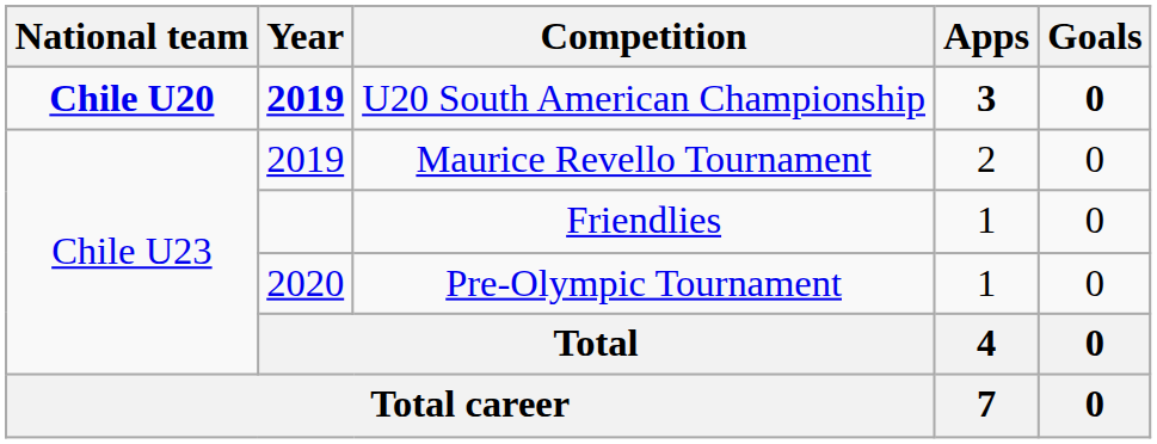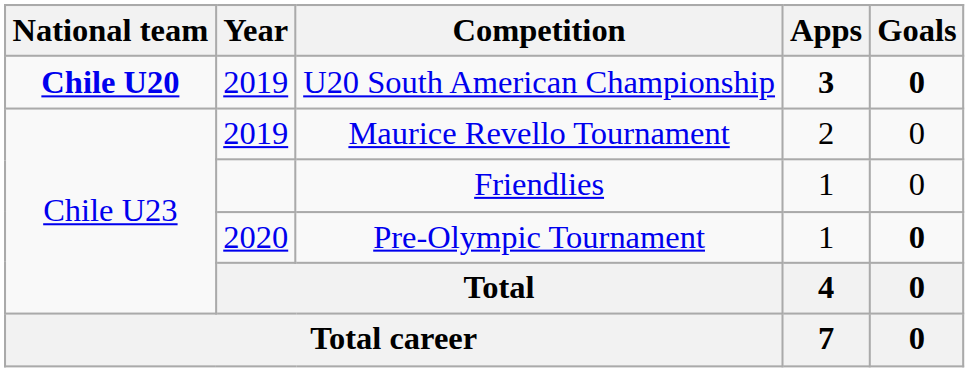 <table class=wikitable style=text-align:center>
 <tr>
 <th>National team</th>
 <th>Year</th>
 <th>Competition</th>
 <th>Apps</th>
 <th>Goals</th>
 </tr>
 <tr>
 <td><strong><a href='#'>Chile U20</a></strong></td>
-<td><strong><a href='#'>2019</a></strong></td>
+<td><a href='#'>2019</a></td>
 <td><a href='#'>U20 South American Championship</a></td>
 <td><strong>3</strong></td>
 <td><strong>0</strong></td>
 </tr>
 <tr>
 <td rowspan="4"><a href='#'>Chile U23</a></td>
 <td><a href='#'>2019</a></td>
 <td><a href='#'>Maurice Revello Tournament</a></td>
 <td>2</td>
 <td>0</td>
 </tr>
 <tr>
 <td></td>
 <td><a href='#'>Friendlies</a></td>
 <td>1</td>
 <td>0</td>
 </tr>
 <tr>
 <td><a href='#'>2020</a></td>
 <td><a href='#'>Pre-Olympic Tournament</a></td>
 <td>1</td>
-<td>0</td>
+<td><strong>0</strong></td>
 </tr>
 <tr>
 <th colspan=2>Total</th>
 <th>4</th>
 <th>0</th>
 </tr>
 <tr>
 <th colspan=3>Total career</th>
 <th>7</th>
 <th>0</th>
 </tr>
 </table>
